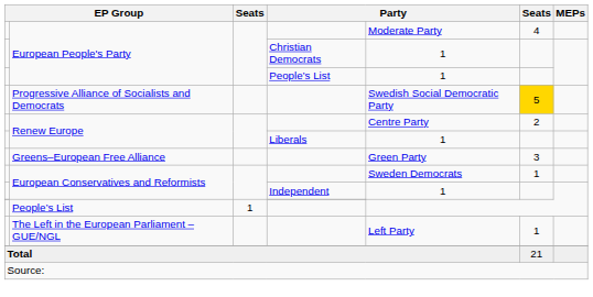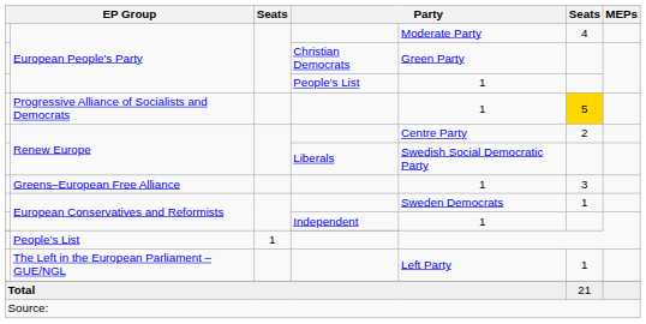 <table class="wikitable">
 <tr>
 <th colspan=2>EP Group</th>
 <th>Seats</th>
 <th colspan=2>Party</th>
 <th>Seats</th>
 <th>MEPs</th>
 </tr>
 <tr>
 <td></td>
 <td rowspan="3"><a href='#'>European People's Party</a></td>
 <td rowspan="3"></td>
 <td style="background:"></td>
 <td><a href='#'>Moderate Party</a></td>
 <td align=center>4</td>
 <td></td>
 </tr>
 <tr>
 <td style="background:"></td>
 <td><a href='#'>Christian Democrats</a></td>
-<td align=center>1</td>
+<td><a href='#'>Green Party</a></td>
 <td></td>
 </tr>
 <tr>
 <td style="background:"></td>
 <td><a href='#'>People’s List</a></td>
 <td align=center>1</td>
 <td></td>
 </tr>
 <tr>
 <td></td>
 <td><a href='#'>Progressive Alliance of Socialists and Democrats</a></td>
 <td></td>
 <td style="background:"></td>
-<td><a href='#'>Swedish Social Democratic Party</a></td>
+<td align=center>1</td>
 <td align=center style="background: gold;">5</td>
 <td></td>
 </tr>
 <tr>
 <td></td>
 <td rowspan="2"><a href='#'>Renew Europe</a></td>
 <td rowspan="2"></td>
 <td style="background:"></td>
 <td><a href='#'>Centre Party</a></td>
 <td align=center>2</td>
 <td></td>
 </tr>
 <tr>
 <td style="background:"></td>
 <td><a href='#'>Liberals</a></td>
-<td align=center>1</td>
+<td><a href='#'>Swedish Social Democratic Party</a></td>
 <td></td>
 </tr>
 <tr>
 <td></td>
 <td><a href='#'>Greens–European Free Alliance</a></td>
 <td></td>
 <td style="background:"></td>
-<td><a href='#'>Green Party</a></td>
+<td align=center>1</td>
 <td align=center>3</td>
 <td></td>
 </tr>
 <tr>
 <td></td>
 <td rowspan="3"><a href='#'>European Conservatives and Reformists</a></td>
 <td rowspan="3"></td>
 <td style="background:"></td>
 <td><a href='#'>Sweden Democrats</a></td>
 <td align=center>1</td>
 <td></td>
 </tr>
 <tr>
 <td style="background:"></td>
 <td><a href='#'>Independent</a></td>
 <td align=center>1</td>
 <td></td>
 </tr>
 <tr>
 </tr>
 <tr>
 <td style="background:"></td>
 <td><a href='#'>People’s List</a></td>
 <td align=center>1</td>
 <td></td>
 </tr>
 <tr>
 <td></td>
 <td><a href='#'>The Left in the European Parliament – GUE/NGL</a></td>
 <td></td>
 <td style="background:"></td>
 <td><a href='#'>Left Party</a></td>
 <td align=center>1</td>
 <td></td>
 </tr>
 <tr>
 </tr>
 <tr bgcolor="EFEFEF">
 <td colspan=5 align=left><strong>Total</strong></td>
 <td align=center>21</td>
 <td></td>
 </tr>
 <tr>
 <td colspan="7">Source: </td>
 </tr>
 </table>
